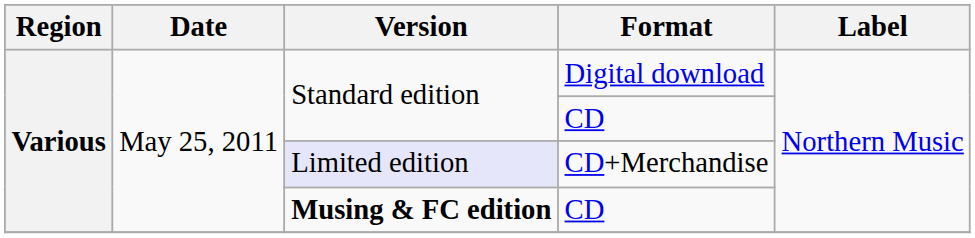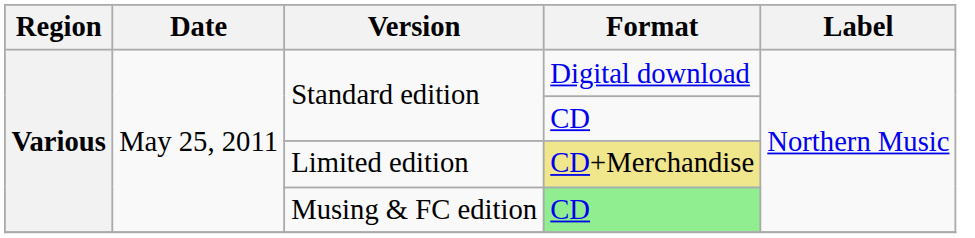 <table class="wikitable sortable plainrowheaders">
 <tr>
 <th scope="col">Region</th>
 <th scope="col">Date</th>
 <th scope="col">Version</th>
 <th scope="col">Format</th>
 <th scope="col">Label</th>
 </tr>
 <tr>
 <th rowspan="4">Various</th>
 <td rowspan="4">May 25, 2011</td>
 <td rowspan="2">Standard edition</td>
 <td><a href='#'>Digital download</a></td>
 <td rowspan="4"><a href='#'>Northern Music</a></td>
 </tr>
 <tr>
 <td><a href='#'>CD</a></td>
 </tr>
 <tr>
-<td style="background: lavender;">Limited edition</td>
-<td><a href='#'>CD</a>+Merchandise</td>
+<td>Limited edition</td>
+<td style="background: khaki;"><a href='#'>CD</a>+Merchandise</td>
 </tr>
 <tr>
-<td><strong>Musing & FC edition</strong></td>
-<td><a href='#'>CD</a></td>
+<td>Musing & FC edition</td>
+<td style="background: lightgreen;"><a href='#'>CD</a></td>
 </tr>
 <tr>
 </tr>
 </table>
